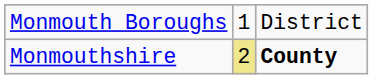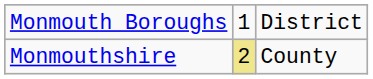 <table class="wikitable sortable">
 <tr>
 <td><a href='#'>Monmouth Boroughs</a></td>
 <td align="center">1</td>
 <td>District</td>
 </tr>
 <tr>
 <td><a href='#'>Monmouthshire</a></td>
 <td align="center" style="background: khaki;">2</td>
-<td><strong>County</strong></td>
+<td>County</td>
 </tr>
 </table>
